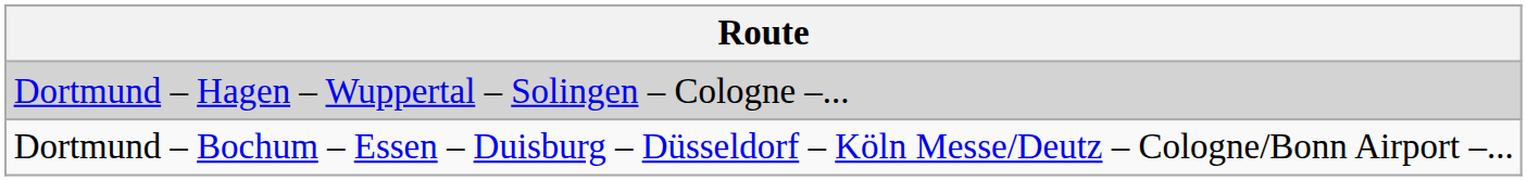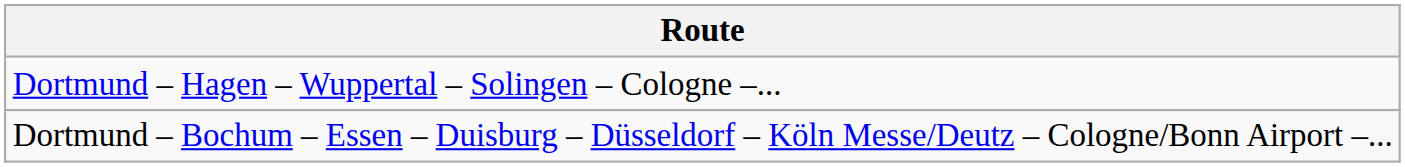 <table class="wikitable">
 <tr class="hintergrundfarbe5">
 <th>Route</th>
 </tr>
 <tr>
-<td style="background: lightgrey;"><a href='#'>Dortmund</a> – <a href='#'>Hagen</a> – <a href='#'>Wuppertal</a> – <a href='#'>Solingen</a> – Cologne –...</td>
+<td><a href='#'>Dortmund</a> – <a href='#'>Hagen</a> – <a href='#'>Wuppertal</a> – <a href='#'>Solingen</a> – Cologne –...</td>
 </tr>
 <tr>
 <td>Dortmund – <a href='#'>Bochum</a> – <a href='#'>Essen</a> – <a href='#'>Duisburg</a> – <a href='#'>Düsseldorf</a> – <a href='#'>Köln Messe/Deutz</a> – Cologne/Bonn Airport –...</td>
 </tr>
 </table>
